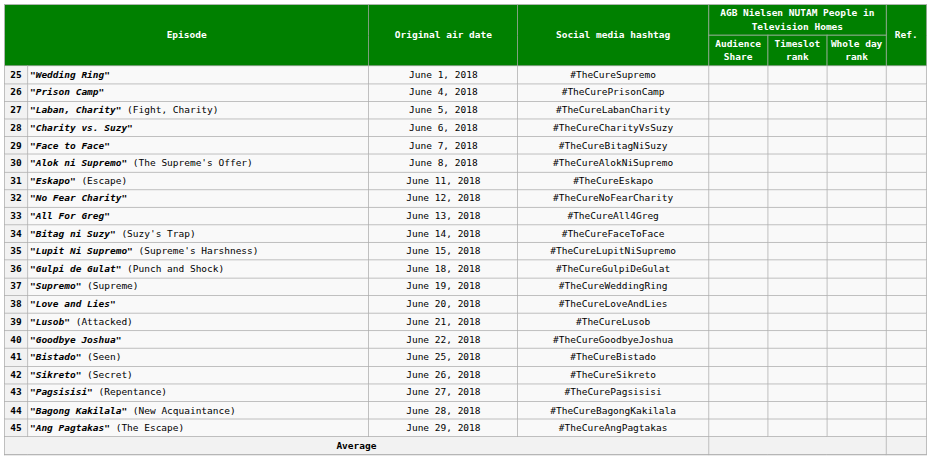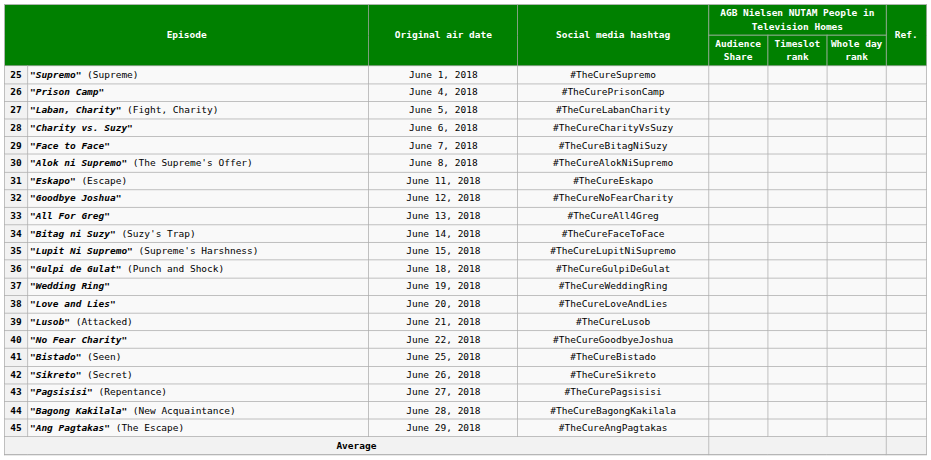 <table class="wikitable" style="text-align:center; font-size:100%; line-height:18px;" width="100%">
 <tr>
 <th style="background-color:#008000; color:#ffffff;" colspan="2" rowspan="2">Episode</th>
 <th style="background-color:#008000; color:white" rowspan="2">Original air date</th>
 <th style="background-color:#008000; color:white" rowspan="2">Social media hashtag</th>
 <th style="background-color:#008000; color:#ffffff;" colspan="3">AGB Nielsen NUTAM People in Television Homes</th>
 <th style="background-color:#008000; color:#ffffff;" rowspan="2">Ref.</th>
 </tr>
 <tr>
 <th style="background-color:#008000; width:75px; color:#ffffff;">Audience Share</th>
 <th style="background-color:#008000; width:75px; color:#ffffff;">Timeslot<br>rank</th>
 <th style="background-color:#008000; width:75px; color:#ffffff;">Whole day<br>rank</th>
 </tr>
 <tr>
 <th>25</th>
-<td style="text-align: left;"><strong><em>"Wedding Ring"</em></strong></td>
+<td style="text-align: left;"><strong><em>"Supremo"</em></strong> (Supreme)</td>
 <td>June 1, 2018</td>
 <td>#TheCureSupremo</td>
 <td></td>
 <td></td>
 <td></td>
 <td></td>
 </tr>
 <tr>
 <th>26</th>
 <td style="text-align: left;"><strong><em>"Prison Camp"</em></strong></td>
 <td>June 4, 2018</td>
 <td>#TheCurePrisonCamp</td>
 <td></td>
 <td></td>
 <td></td>
 <td></td>
 </tr>
 <tr>
 <th>27</th>
 <td style="text-align: left;"><strong><em>"Laban, Charity"</em></strong> (Fight, Charity)</td>
 <td>June 5, 2018</td>
 <td>#TheCureLabanCharity</td>
 <td></td>
 <td></td>
 <td></td>
 <td></td>
 </tr>
 <tr>
 <th>28</th>
 <td style="text-align: left;"><strong><em>"Charity vs. Suzy"</em></strong></td>
 <td>June 6, 2018</td>
 <td>#TheCureCharityVsSuzy</td>
 <td></td>
 <td></td>
 <td></td>
 <td></td>
 </tr>
 <tr>
 <th>29</th>
 <td style="text-align: left;"><strong><em>"Face to Face"</em></strong></td>
 <td>June 7, 2018</td>
 <td>#TheCureBitagNiSuzy</td>
 <td></td>
 <td></td>
 <td></td>
 <td></td>
 </tr>
 <tr>
 <th>30</th>
 <td style="text-align: left;"><strong><em>"Alok ni Supremo"</em></strong> (The Supreme's Offer)</td>
 <td>June 8, 2018</td>
 <td>#TheCureAlokNiSupremo</td>
 <td></td>
 <td></td>
 <td></td>
 <td></td>
 </tr>
 <tr>
 <th>31</th>
 <td style="text-align: left;"><strong><em>"Eskapo"</em></strong> (Escape)</td>
 <td>June 11, 2018</td>
 <td>#TheCureEskapo</td>
 <td></td>
 <td></td>
 <td></td>
 <td></td>
 </tr>
 <tr>
 <th>32</th>
-<td style="text-align: left;"><strong><em>"No Fear Charity"</em></strong></td>
+<td style="text-align: left;"><strong><em>"Goodbye Joshua"</em></strong></td>
 <td>June 12, 2018</td>
 <td>#TheCureNoFearCharity</td>
 <td></td>
 <td></td>
 <td></td>
 <td></td>
 </tr>
 <tr>
 <th>33</th>
 <td style="text-align: left;"><strong><em>"All For Greg"</em></strong></td>
 <td>June 13, 2018</td>
 <td>#TheCureAll4Greg</td>
 <td></td>
 <td></td>
 <td></td>
 <td></td>
 </tr>
 <tr>
 <th>34</th>
 <td style="text-align: left;"><strong><em>"Bitag ni Suzy"</em></strong> (Suzy's Trap)</td>
 <td>June 14, 2018</td>
 <td>#TheCureFaceToFace</td>
 <td></td>
 <td></td>
 <td></td>
 <td></td>
 </tr>
 <tr>
 <th>35</th>
 <td style="text-align: left;"><strong><em>"Lupit Ni Supremo"</em></strong> (Supreme's Harshness)</td>
 <td>June 15, 2018</td>
 <td>#TheCureLupitNiSupremo</td>
 <td></td>
 <td></td>
 <td></td>
 <td></td>
 </tr>
 <tr>
 <th>36</th>
 <td style="text-align: left;"><strong><em>"Gulpi de Gulat"</em></strong> (Punch and Shock)</td>
 <td>June 18, 2018</td>
 <td>#TheCureGulpiDeGulat</td>
 <td></td>
 <td></td>
 <td></td>
 <td></td>
 </tr>
 <tr>
 <th>37</th>
-<td style="text-align: left;"><strong><em>"Supremo"</em></strong> (Supreme)</td>
+<td style="text-align: left;"><strong><em>"Wedding Ring"</em></strong></td>
 <td>June 19, 2018</td>
 <td>#TheCureWeddingRing</td>
 <td></td>
 <td></td>
 <td></td>
 <td></td>
 </tr>
 <tr>
 <th>38</th>
 <td style="text-align: left;"><strong><em>"Love and Lies"</em></strong></td>
 <td>June 20, 2018</td>
 <td>#TheCureLoveAndLies</td>
 <td></td>
 <td></td>
 <td></td>
 <td></td>
 </tr>
 <tr>
 <th>39</th>
 <td style="text-align: left;"><strong><em>"Lusob"</em></strong> (Attacked)</td>
 <td>June 21, 2018</td>
 <td>#TheCureLusob</td>
 <td></td>
 <td></td>
 <td></td>
 <td></td>
 </tr>
 <tr>
 <th>40</th>
-<td style="text-align: left;"><strong><em>"Goodbye Joshua"</em></strong></td>
+<td style="text-align: left;"><strong><em>"No Fear Charity"</em></strong></td>
 <td>June 22, 2018</td>
 <td>#TheCureGoodbyeJoshua</td>
 <td></td>
 <td></td>
 <td></td>
 <td></td>
 </tr>
 <tr>
 <th>41</th>
 <td style="text-align: left;"><strong><em>"Bistado"</em></strong> (Seen)</td>
 <td>June 25, 2018</td>
 <td>#TheCureBistado</td>
 <td></td>
 <td></td>
 <td></td>
 <td></td>
 </tr>
 <tr>
 <th>42</th>
 <td style="text-align: left;"><strong><em>"Sikreto"</em></strong> (Secret)</td>
 <td>June 26, 2018</td>
 <td>#TheCureSikreto</td>
 <td></td>
 <td></td>
 <td></td>
 <td></td>
 </tr>
 <tr>
 <th>43</th>
 <td style="text-align: left;"><strong><em>"Pagsisisi"</em></strong> (Repentance)</td>
 <td>June 27, 2018</td>
 <td>#TheCurePagsisisi</td>
 <td></td>
 <td></td>
 <td></td>
 <td></td>
 </tr>
 <tr>
 <th>44</th>
 <td style="text-align: left;"><strong><em>"Bagong Kakilala"</em></strong> (New Acquaintance)</td>
 <td>June 28, 2018</td>
 <td>#TheCureBagongKakilala</td>
 <td></td>
 <td></td>
 <td></td>
 <td></td>
 </tr>
 <tr>
 <th>45</th>
 <td style="text-align: left;"><strong><em>"Ang Pagtakas"</em></strong> (The Escape)</td>
 <td>June 29, 2018</td>
 <td>#TheCureAngPagtakas</td>
 <td></td>
 <td></td>
 <td></td>
 <td></td>
 </tr>
 <tr>
 <th colspan="4">Average</th>
 <th colspan="3"></th>
 <th></th>
 </tr>
 <tr>
 </tr>
 </table>
